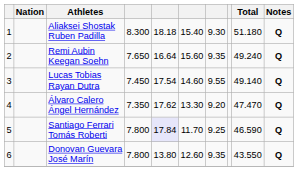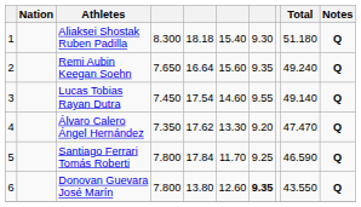 <table class="wikitable sortable" style="text-align:center; font-size:95%">
 <tr>
 <th></th>
 <th>Nation</th>
 <th>Athletes</th>
 <th></th>
 <th></th>
 <th></th>
 <th></th>
 <th></th>
 <th>Total</th>
 <th>Notes</th>
 </tr>
 <tr>
 <td>1</td>
 <td align=left></td>
 <td align=left><a href='#'>Aliaksei Shostak</a><br><a href='#'>Ruben Padilla</a></td>
 <td>8.300</td>
 <td>18.18</td>
 <td>15.40</td>
 <td>9.30</td>
 <td></td>
 <td>51.180</td>
 <td><strong>Q</strong></td>
 </tr>
 <tr>
 <td>2</td>
 <td align=left></td>
 <td align=left><a href='#'>Remi Aubin</a><br><a href='#'>Keegan Soehn</a></td>
 <td>7.650</td>
 <td>16.64</td>
 <td>15.60</td>
 <td>9.35</td>
 <td></td>
 <td>49.240</td>
 <td><strong>Q</strong></td>
 </tr>
 <tr>
 <td>3</td>
 <td align=left></td>
 <td align=left><a href='#'>Lucas Tobias</a><br><a href='#'>Rayan Dutra</a></td>
 <td>7.450</td>
 <td>17.54</td>
 <td>14.60</td>
 <td>9.55</td>
 <td></td>
 <td>49.140</td>
 <td><strong>Q</strong></td>
 </tr>
 <tr>
 <td>4</td>
 <td align=left></td>
 <td align=left><a href='#'>Álvaro Calero</a><br><a href='#'>Ángel Hernández</a></td>
 <td>7.350</td>
 <td>17.62</td>
 <td>13.30</td>
 <td>9.20</td>
 <td></td>
 <td>47.470</td>
 <td><strong>Q</strong></td>
 </tr>
 <tr>
 <td>5</td>
 <td align=left></td>
 <td align=left><a href='#'>Santiago Ferrari</a><br><a href='#'>Tomás Roberti</a></td>
 <td>7.800</td>
-<td style="background: lavender;">17.84</td>
+<td>17.84</td>
 <td>11.70</td>
 <td>9.25</td>
 <td></td>
 <td>46.590</td>
 <td><strong>Q</strong></td>
 </tr>
 <tr>
 <td>6</td>
 <td align=left></td>
 <td align=left><a href='#'>Donovan Guevara</a><br><a href='#'>José Marín</a></td>
 <td>7.800</td>
 <td>13.80</td>
 <td>12.60</td>
-<td>9.35</td>
+<td><strong>9.35</strong></td>
 <td></td>
 <td>43.550</td>
 <td><strong>Q</strong></td>
 </tr>
 <tr>
 </tr>
 </table>
